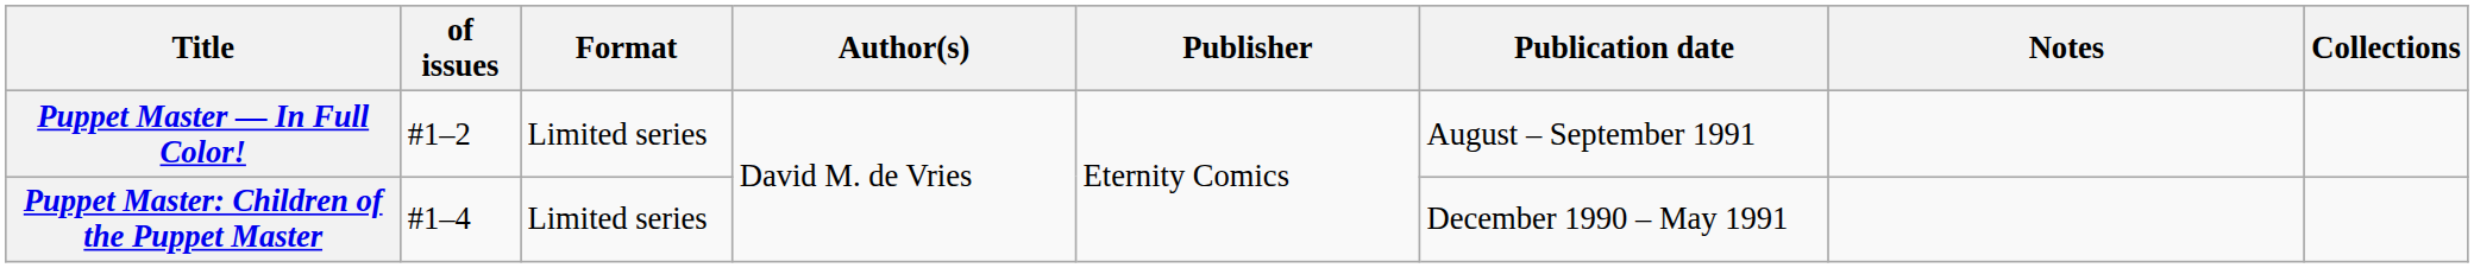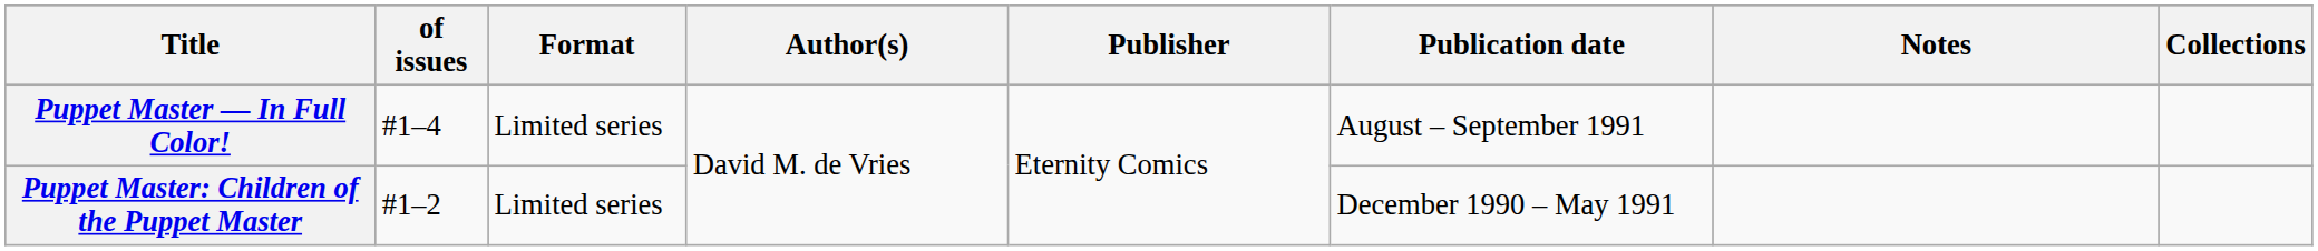 <table class="wikitable">
 <tr>
 <th>Title</th>
 <th style="width:40pt"> of issues</th>
 <th style="width:75pt">Format</th>
 <th style="width:125pt">Author(s)</th>
 <th style="width:125pt">Publisher</th>
 <th style="width:150pt">Publication date</th>
 <th style="width:175pt">Notes</th>
 <th>Collections</th>
 </tr>
 <tr>
 <th><em><a href='#'>Puppet Master — In Full Color!</a></em></th>
-<td>#1–2</td>
+<td>#1–4</td>
 <td>Limited series</td>
 <td rowspan="2">David M. de Vries</td>
 <td rowspan="2">Eternity Comics</td>
 <td>August – September 1991</td>
 <td></td>
 <td></td>
 </tr>
 <tr>
 <th><em><a href='#'>Puppet Master: Children of the Puppet Master</a></em></th>
-<td>#1–4</td>
+<td>#1–2</td>
 <td>Limited series</td>
 <td>December 1990 – May 1991</td>
 <td></td>
 <td></td>
 </tr>
 </table>
